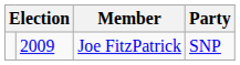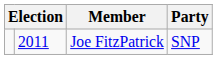 <table class="wikitable">
 <tr>
 <th colspan="2">Election</th>
 <th>Member</th>
 <th>Party</th>
 </tr>
 <tr>
 <td style="background-color: "></td>
-<td><a href='#'>2009</a></td>
+<td><a href='#'>2011</a></td>
 <td><a href='#'>Joe FitzPatrick</a></td>
 <td><a href='#'>SNP</a></td>
 </tr>
 </table>
